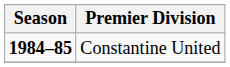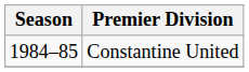 <table class="wikitable">
 <tr>
 <th>Season</th>
 <th>Premier Division</th>
 </tr>
 <tr>
-<td><strong>1984–85</strong></td>
+<td>1984–85</td>
 <td>Constantine United</td>
 </tr>
 <tr>
 </tr>
 </table>
